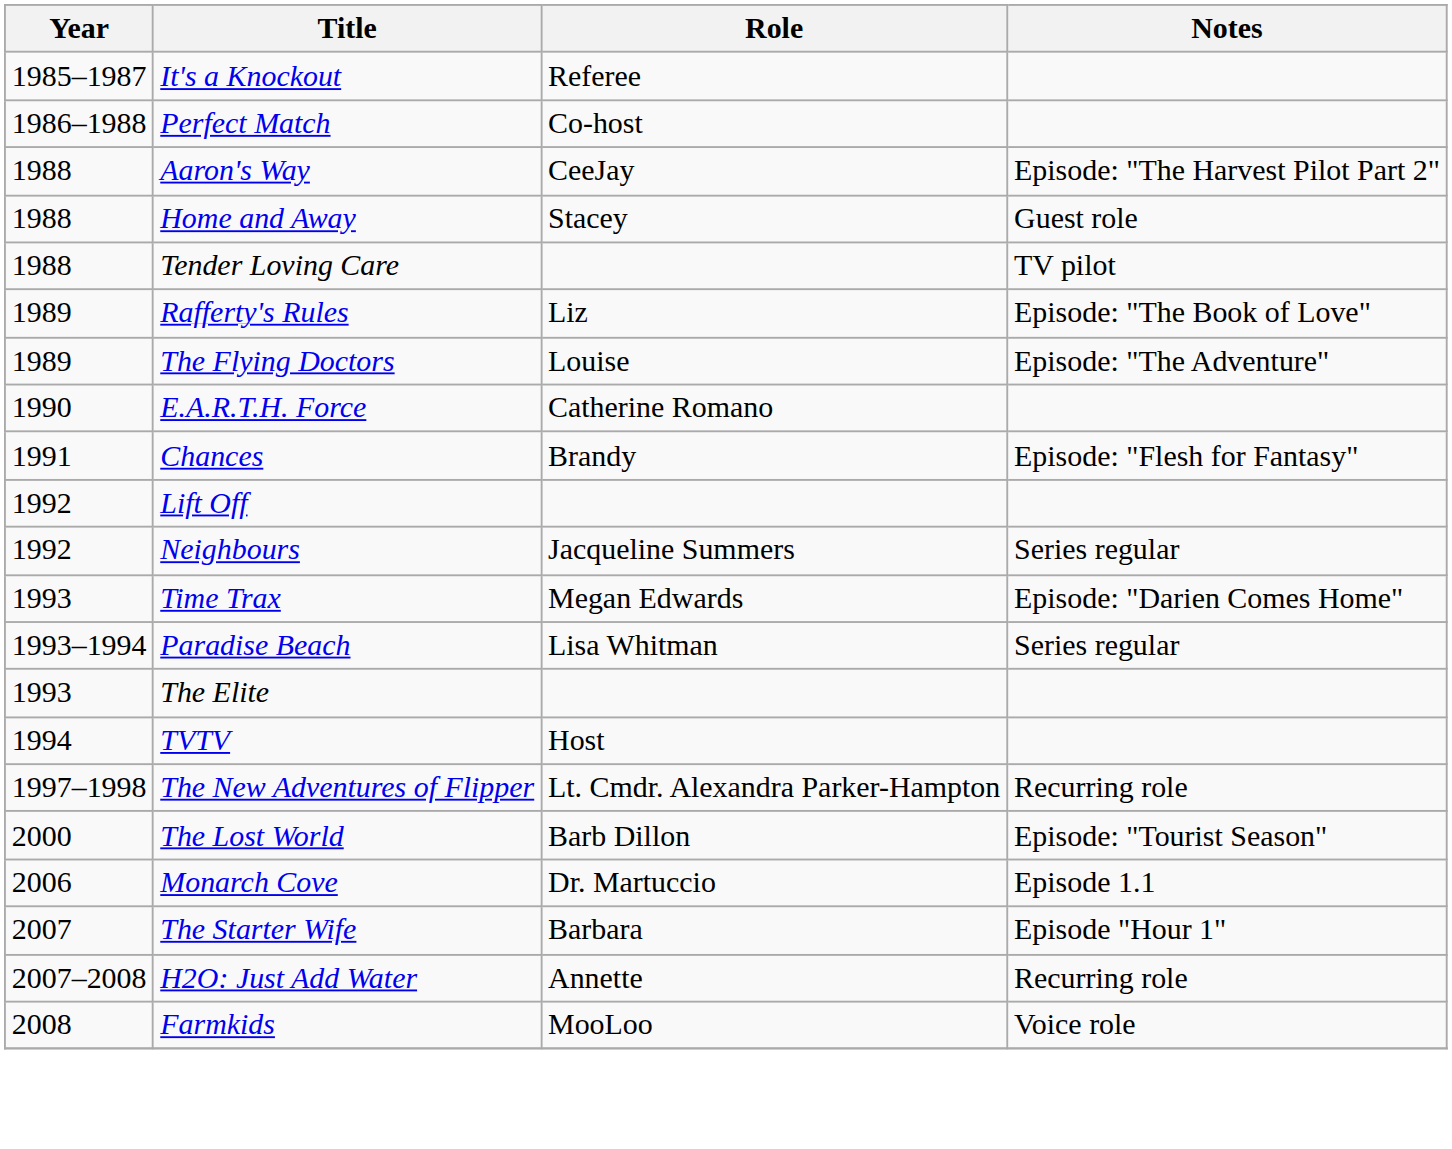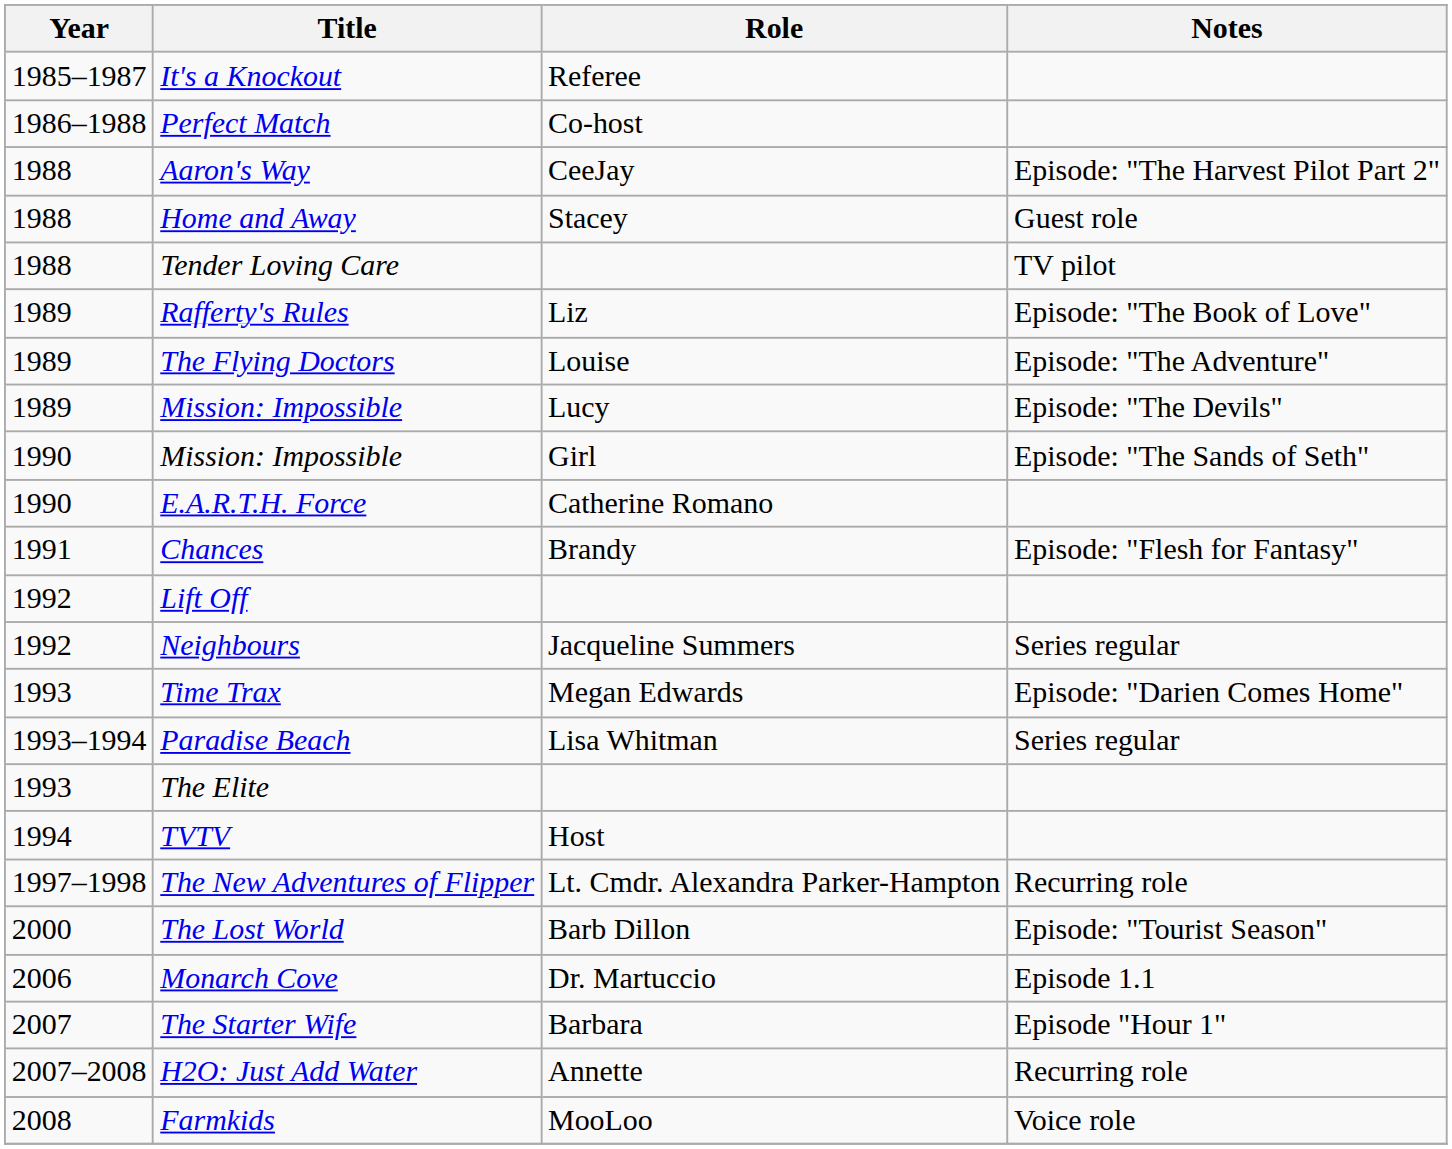 <table class="wikitable">
 <tr>
 <th>Year</th>
 <th>Title</th>
 <th>Role</th>
 <th>Notes</th>
 </tr>
 <tr>
 <td>1985–1987</td>
 <td><em><a href='#'>It's a Knockout</a></em></td>
 <td>Referee</td>
 <td></td>
 </tr>
 <tr>
 <td>1986–1988</td>
 <td><em><a href='#'>Perfect Match</a></em></td>
 <td>Co-host</td>
 <td></td>
 </tr>
 <tr>
 <td>1988</td>
 <td><em><a href='#'>Aaron's Way</a></em></td>
 <td>CeeJay</td>
 <td>Episode: "The Harvest Pilot Part 2"</td>
 </tr>
 <tr>
 <td>1988</td>
 <td><em><a href='#'>Home and Away</a></em></td>
 <td>Stacey</td>
 <td>Guest role</td>
 </tr>
 <tr>
 <td>1988</td>
 <td><em>Tender Loving Care</em></td>
 <td></td>
 <td>TV pilot</td>
 </tr>
 <tr>
 <td>1989</td>
 <td><em><a href='#'>Rafferty's Rules</a></em></td>
 <td>Liz</td>
 <td>Episode: "The Book of Love"</td>
 </tr>
 <tr>
 <td>1989</td>
 <td><em><a href='#'>The Flying Doctors</a></em></td>
 <td>Louise</td>
 <td>Episode: "The Adventure"</td>
+</tr>
+<tr>
+<td>1989</td>
+<td><em><a href='#'>Mission: Impossible</a></em></td>
+<td>Lucy</td>
+<td>Episode: "The Devils"</td>
+</tr>
+<tr>
+<td>1990</td>
+<td><em>Mission: Impossible</em></td>
+<td>Girl</td>
+<td>Episode: "The Sands of Seth"</td>
 </tr>
 <tr>
 <td>1990</td>
 <td><em><a href='#'>E.A.R.T.H. Force</a></em></td>
 <td>Catherine Romano</td>
 <td></td>
 </tr>
 <tr>
 <td>1991</td>
 <td><em><a href='#'>Chances</a></em></td>
 <td>Brandy</td>
 <td>Episode: "Flesh for Fantasy"</td>
 </tr>
 <tr>
 <td>1992</td>
 <td><em><a href='#'>Lift Off</a></em></td>
 <td></td>
 <td></td>
 </tr>
 <tr>
 <td>1992</td>
 <td><em><a href='#'>Neighbours</a></em></td>
 <td>Jacqueline Summers</td>
 <td>Series regular</td>
 </tr>
 <tr>
 <td>1993</td>
 <td><em><a href='#'>Time Trax</a></em></td>
 <td>Megan Edwards</td>
 <td>Episode: "Darien Comes Home"</td>
 </tr>
 <tr>
 <td>1993–1994</td>
 <td><em><a href='#'>Paradise Beach</a></em></td>
 <td>Lisa Whitman</td>
 <td>Series regular</td>
 </tr>
 <tr>
 <td>1993</td>
 <td><em>The Elite</em></td>
 <td></td>
 <td></td>
 </tr>
 <tr>
 <td>1994</td>
 <td><em><a href='#'>TVTV</a></em></td>
 <td>Host</td>
 <td></td>
 </tr>
 <tr>
 <td>1997–1998</td>
 <td><em><a href='#'>The New Adventures of Flipper</a></em></td>
 <td>Lt. Cmdr. Alexandra Parker-Hampton</td>
 <td>Recurring role</td>
 </tr>
 <tr>
 <td>2000</td>
 <td><em><a href='#'>The Lost World</a></em></td>
 <td>Barb Dillon</td>
 <td>Episode: "Tourist Season"</td>
 </tr>
 <tr>
 <td>2006</td>
 <td><em><a href='#'>Monarch Cove</a></em></td>
 <td>Dr. Martuccio</td>
 <td>Episode 1.1</td>
 </tr>
 <tr>
 <td>2007</td>
 <td><em><a href='#'>The Starter Wife</a></em></td>
 <td>Barbara</td>
 <td>Episode "Hour 1"</td>
 </tr>
 <tr>
 <td>2007–2008</td>
 <td><em><a href='#'>H2O: Just Add Water</a></em></td>
 <td>Annette</td>
 <td>Recurring role</td>
 </tr>
 <tr>
 <td>2008</td>
 <td><em><a href='#'>Farmkids</a></em></td>
 <td>MooLoo</td>
 <td>Voice role</td>
 </tr>
 <tr>
 </tr>
 </table>
